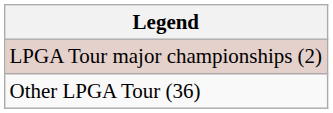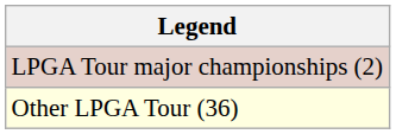 <table class="wikitable" style="font-size:95%;">
 <tr>
 <th>Legend</th>
 </tr>
 <tr style="background:#e5d1cb;">
 <td>LPGA Tour major championships (2)</td>
 </tr>
 <tr>
-<td>Other LPGA Tour (36)</td>
+<td style="background: lightyellow;">Other LPGA Tour (36)</td>
 </tr>
 </table>
